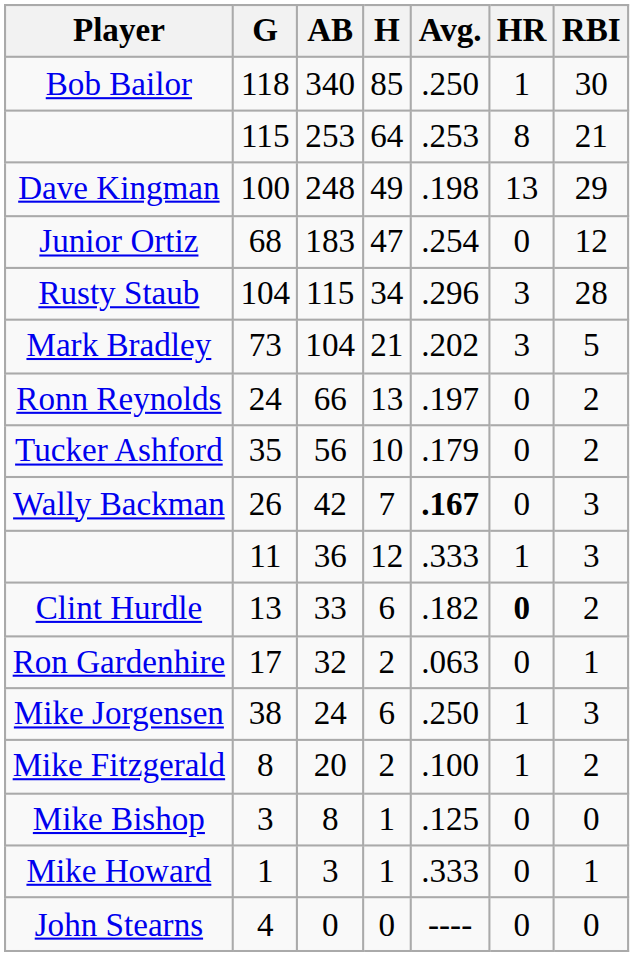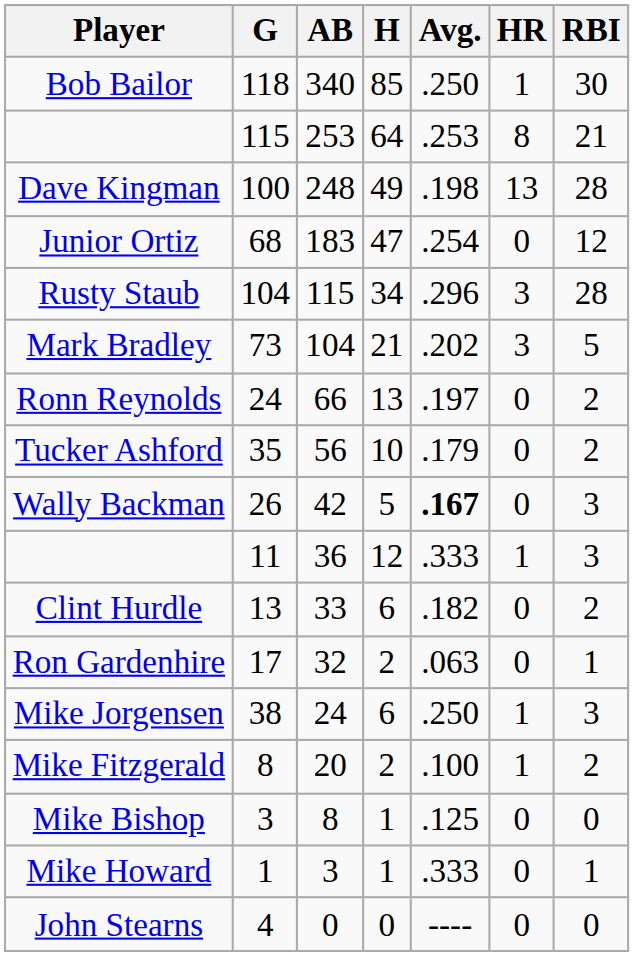 <table class="wikitable sortable">
 <tr>
 <th>Player</th>
 <th>G</th>
 <th>AB</th>
 <th>H</th>
 <th>Avg.</th>
 <th>HR</th>
 <th>RBI</th>
 </tr>
 <tr align="center">
 <td><a href='#'>Bob Bailor</a></td>
 <td>118</td>
 <td>340</td>
 <td>85</td>
 <td>.250</td>
 <td>1</td>
 <td>30</td>
 </tr>
 <tr align=center>
 <td></td>
 <td>115</td>
 <td>253</td>
 <td>64</td>
 <td>.253</td>
 <td>8</td>
 <td>21</td>
 </tr>
 <tr align="center">
 <td><a href='#'>Dave Kingman</a></td>
 <td>100</td>
 <td>248</td>
 <td>49</td>
 <td>.198</td>
 <td>13</td>
-<td>29</td>
+<td>28</td>
 </tr>
 <tr align=center>
 <td><a href='#'>Junior Ortiz</a></td>
 <td>68</td>
 <td>183</td>
 <td>47</td>
 <td>.254</td>
 <td>0</td>
 <td>12</td>
 </tr>
 <tr align=center>
 <td><a href='#'>Rusty Staub</a></td>
 <td>104</td>
 <td>115</td>
 <td>34</td>
 <td>.296</td>
 <td>3</td>
 <td>28</td>
 </tr>
 <tr align=center>
 <td><a href='#'>Mark Bradley</a></td>
 <td>73</td>
 <td>104</td>
 <td>21</td>
 <td>.202</td>
 <td>3</td>
 <td>5</td>
 </tr>
 <tr align=center>
 <td><a href='#'>Ronn Reynolds</a></td>
 <td>24</td>
 <td>66</td>
 <td>13</td>
 <td>.197</td>
 <td>0</td>
 <td>2</td>
 </tr>
 <tr align=center>
 <td><a href='#'>Tucker Ashford</a></td>
 <td>35</td>
 <td>56</td>
 <td>10</td>
 <td>.179</td>
 <td>0</td>
 <td>2</td>
 </tr>
 <tr align=center>
 <td><a href='#'>Wally Backman</a></td>
 <td>26</td>
 <td>42</td>
-<td>7</td>
+<td>5</td>
 <td><strong>.167</strong></td>
 <td>0</td>
 <td>3</td>
 </tr>
 <tr align=center>
 <td></td>
 <td>11</td>
 <td>36</td>
 <td>12</td>
 <td>.333</td>
 <td>1</td>
 <td>3</td>
 </tr>
 <tr align="center">
 <td><a href='#'>Clint Hurdle</a></td>
 <td>13</td>
 <td>33</td>
 <td>6</td>
 <td>.182</td>
-<td><strong>0</strong></td>
+<td>0</td>
 <td>2</td>
 </tr>
 <tr align=center>
 <td><a href='#'>Ron Gardenhire</a></td>
 <td>17</td>
 <td>32</td>
 <td>2</td>
 <td>.063</td>
 <td>0</td>
 <td>1</td>
 </tr>
 <tr align=center>
 <td><a href='#'>Mike Jorgensen</a></td>
 <td>38</td>
 <td>24</td>
 <td>6</td>
 <td>.250</td>
 <td>1</td>
 <td>3</td>
 </tr>
 <tr align=center>
 <td><a href='#'>Mike Fitzgerald</a></td>
 <td>8</td>
 <td>20</td>
 <td>2</td>
 <td>.100</td>
 <td>1</td>
 <td>2</td>
 </tr>
 <tr align=center>
 <td><a href='#'>Mike Bishop</a></td>
 <td>3</td>
 <td>8</td>
 <td>1</td>
 <td>.125</td>
 <td>0</td>
 <td>0</td>
 </tr>
 <tr align=center>
 <td><a href='#'>Mike Howard</a></td>
 <td>1</td>
 <td>3</td>
 <td>1</td>
 <td>.333</td>
 <td>0</td>
 <td>1</td>
 </tr>
 <tr align=center>
 <td><a href='#'>John Stearns</a></td>
 <td>4</td>
 <td>0</td>
 <td>0</td>
 <td>----</td>
 <td>0</td>
 <td>0</td>
 </tr>
 </table>
